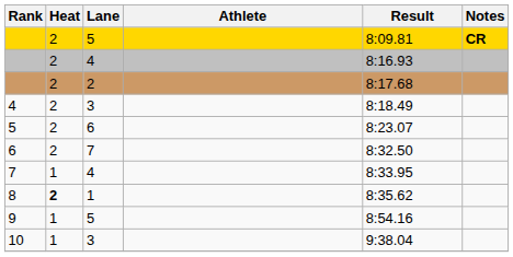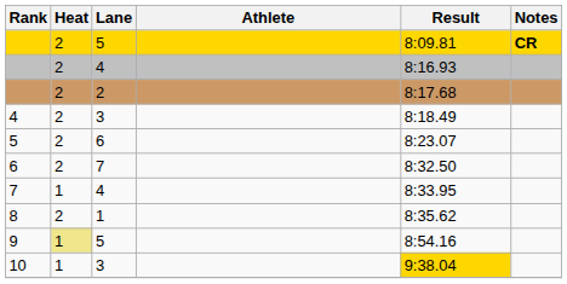 <table class="wikitable" style="font-size:95%" style="width:35em;" style="text-align:center">
 <tr>
 <th>Rank</th>
 <th>Heat</th>
 <th>Lane</th>
 <th width=250>Athlete</th>
 <th width=100>Result</th>
 <th>Notes</th>
 </tr>
 <tr bgcolor=gold>
 <td></td>
 <td>2</td>
 <td>5</td>
 <td align=left></td>
 <td>8:09.81</td>
 <td><strong>CR</strong></td>
 </tr>
 <tr bgcolor=silver>
 <td></td>
 <td>2</td>
 <td>4</td>
 <td align=left></td>
 <td>8:16.93</td>
 <td></td>
 </tr>
 <tr bgcolor=cc9966>
 <td></td>
 <td>2</td>
 <td>2</td>
 <td align=left></td>
 <td>8:17.68</td>
 <td></td>
 </tr>
 <tr>
 <td>4</td>
 <td>2</td>
 <td>3</td>
 <td align=left></td>
 <td>8:18.49</td>
 <td></td>
 </tr>
 <tr>
 <td>5</td>
 <td>2</td>
 <td>6</td>
 <td align=left></td>
 <td>8:23.07</td>
 <td></td>
 </tr>
 <tr>
 <td>6</td>
 <td>2</td>
 <td>7</td>
 <td align=left></td>
 <td>8:32.50</td>
 <td></td>
 </tr>
 <tr>
 <td>7</td>
 <td>1</td>
 <td>4</td>
 <td align=left></td>
 <td>8:33.95</td>
 <td></td>
 </tr>
 <tr>
 <td>8</td>
-<td><strong>2</strong></td>
+<td>2</td>
 <td>1</td>
 <td align=left></td>
 <td>8:35.62</td>
 <td></td>
 </tr>
 <tr>
 <td>9</td>
-<td>1</td>
+<td style="background: khaki;">1</td>
 <td>5</td>
 <td align=left></td>
 <td>8:54.16</td>
 <td></td>
 </tr>
 <tr>
 <td>10</td>
 <td>1</td>
 <td>3</td>
 <td align=left></td>
-<td>9:38.04</td>
+<td style="background: gold;">9:38.04</td>
 <td></td>
 </tr>
 <tr>
 </tr>
 </table>
